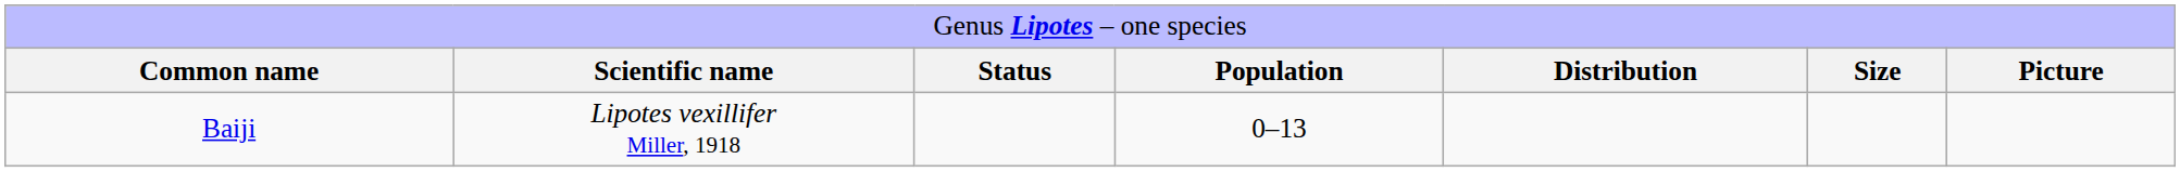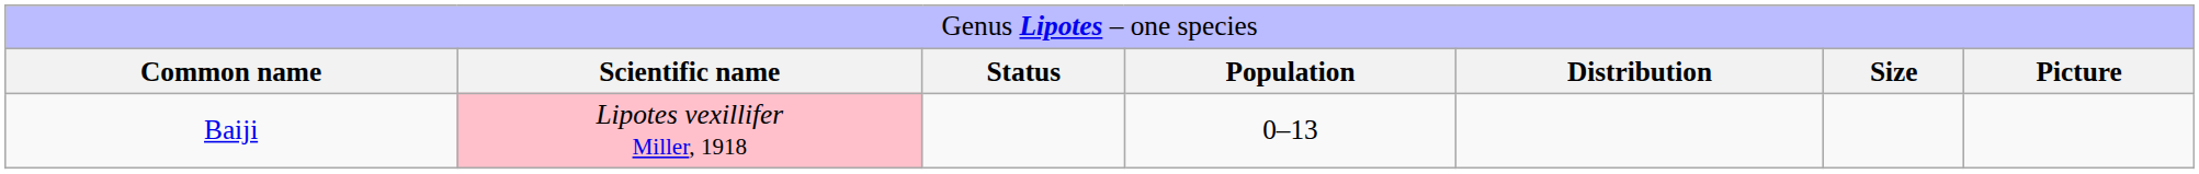 <table class="wikitable" style="width:100%;text-align:center">
 <tr>
 <td colspan="100%" align="center" bgcolor="#BBBBFF">Genus <strong><em><a href='#'>Lipotes</a></em></strong> – one species</td>
 </tr>
 <tr>
 <th scope="col">Common name</th>
 <th scope="col">Scientific name</th>
 <th scope="col">Status</th>
 <th scope="col">Population</th>
 <th scope="col">Distribution</th>
 <th scope="col">Size</th>
 <th scope="col">Picture</th>
 </tr>
 <tr>
 <td><a href='#'>Baiji</a></td>
-<td><em>Lipotes vexillifer</em><br><small><a href='#'>Miller</a>, 1918</small></td>
+<td style="background: pink;"><em>Lipotes vexillifer</em><br><small><a href='#'>Miller</a>, 1918</small></td>
 <td></td>
 <td>0–13</td>
 <td></td>
 <td><br></td>
 <td></td>
 </tr>
 </table>
